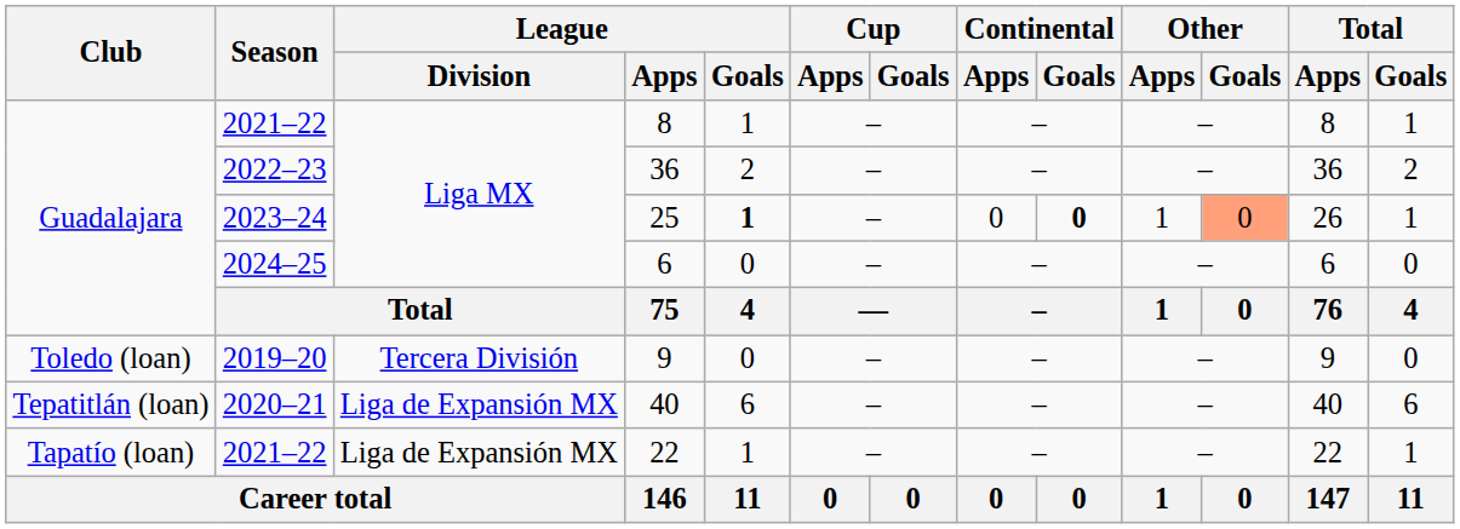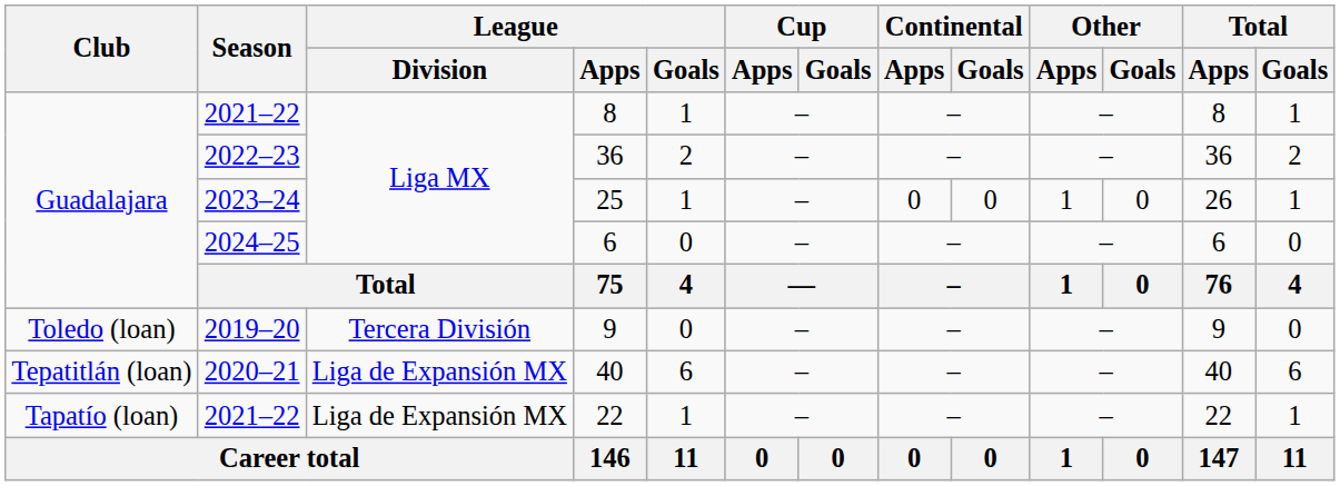 <table class="wikitable" style="text-align: center">
 <tr>
 <th rowspan="2">Club</th>
 <th rowspan="2">Season</th>
 <th colspan="3">League</th>
 <th colspan="2">Cup</th>
 <th colspan="2">Continental</th>
 <th colspan="2">Other</th>
 <th colspan="2">Total</th>
 </tr>
 <tr>
 <th>Division</th>
 <th>Apps</th>
 <th>Goals</th>
 <th>Apps</th>
 <th>Goals</th>
 <th>Apps</th>
 <th>Goals</th>
 <th>Apps</th>
 <th>Goals</th>
 <th>Apps</th>
 <th>Goals</th>
 </tr>
 <tr>
 <td rowspan="5"><a href='#'>Guadalajara</a></td>
 <td><a href='#'>2021–22</a></td>
 <td rowspan="4"><a href='#'>Liga MX</a></td>
 <td>8</td>
 <td>1</td>
 <td colspan="2">–</td>
 <td colspan="2">–</td>
 <td colspan="2">–</td>
 <td>8</td>
 <td>1</td>
 </tr>
 <tr>
 <td><a href='#'>2022–23</a></td>
 <td>36</td>
 <td>2</td>
 <td colspan="2">–</td>
 <td colspan="2">–</td>
 <td colspan="2">–</td>
 <td>36</td>
 <td>2</td>
 </tr>
 <tr>
 <td><a href='#'>2023–24</a></td>
 <td>25</td>
-<td><strong>1</strong></td>
+<td>1</td>
 <td colspan="2">–</td>
 <td>0</td>
-<td><strong>0</strong></td>
+<td>0</td>
 <td>1</td>
-<td style="background: lightsalmon;">0</td>
+<td>0</td>
 <td>26</td>
 <td>1</td>
 </tr>
 <tr>
 <td><a href='#'>2024–25</a></td>
 <td>6</td>
 <td>0</td>
 <td colspan="2">–</td>
 <td colspan="2">–</td>
 <td colspan="2">–</td>
 <td>6</td>
 <td>0</td>
 </tr>
 <tr>
 <th colspan="2">Total</th>
 <th>75</th>
 <th>4</th>
 <th colspan="2">—</th>
 <th colspan="2">–</th>
 <th>1</th>
 <th>0</th>
 <th>76</th>
 <th>4</th>
 </tr>
 <tr>
 <td><a href='#'>Toledo</a> (loan)</td>
 <td><a href='#'>2019–20</a></td>
 <td><a href='#'>Tercera División</a></td>
 <td>9</td>
 <td>0</td>
 <td colspan="2">–</td>
 <td colspan="2">–</td>
 <td colspan="2">–</td>
 <td>9</td>
 <td>0</td>
 </tr>
 <tr>
 <td><a href='#'>Tepatitlán</a> (loan)</td>
 <td><a href='#'>2020–21</a></td>
 <td><a href='#'>Liga de Expansión MX</a></td>
 <td>40</td>
 <td>6</td>
 <td colspan="2">–</td>
 <td colspan="2">–</td>
 <td colspan="2">–</td>
 <td>40</td>
 <td>6</td>
 </tr>
 <tr>
 <td><a href='#'>Tapatío</a> (loan)</td>
 <td><a href='#'>2021–22</a></td>
 <td>Liga de Expansión MX</td>
 <td>22</td>
 <td>1</td>
 <td colspan="2">–</td>
 <td colspan="2">–</td>
 <td colspan="2">–</td>
 <td>22</td>
 <td>1</td>
 </tr>
 <tr>
 <th colspan="3"><strong>Career total</strong></th>
 <th>146</th>
 <th>11</th>
 <th>0</th>
 <th>0</th>
 <th>0</th>
 <th>0</th>
 <th>1</th>
 <th>0</th>
 <th>147</th>
 <th>11</th>
 </tr>
 </table>
